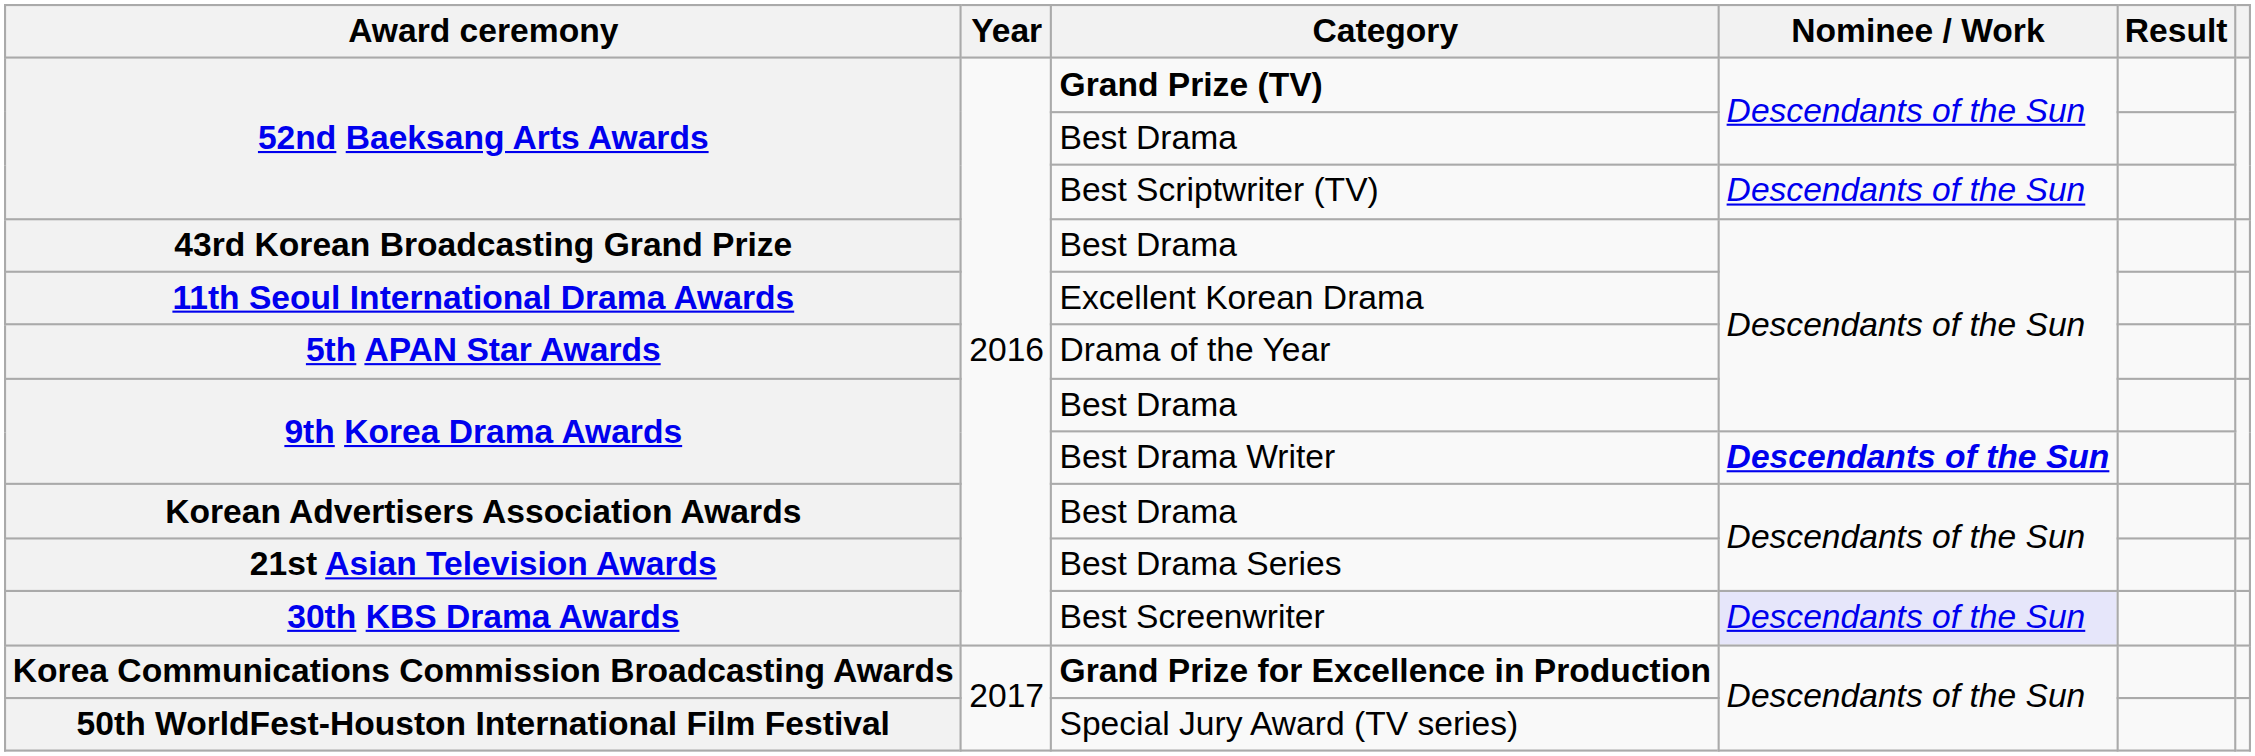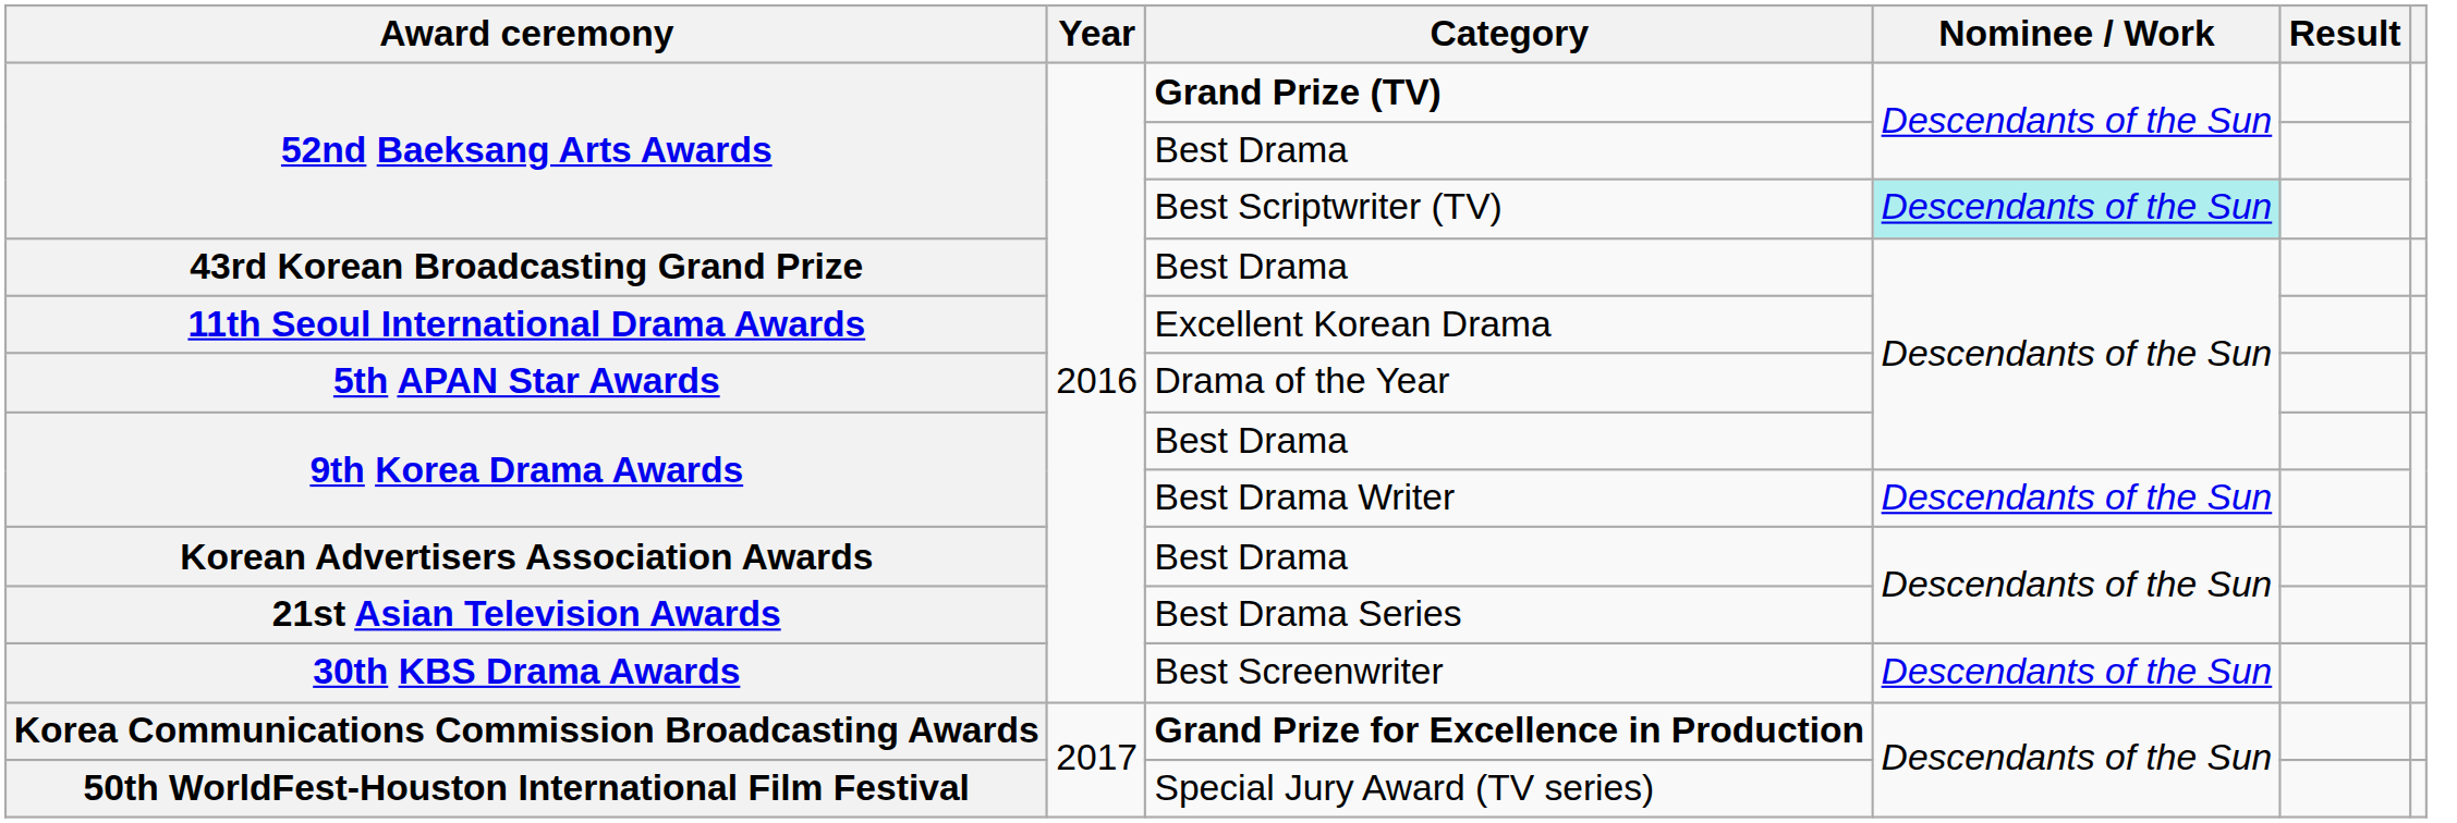 <table class="wikitable plainrowheaders sortable">
 <tr>
 <th scope="col">Award ceremony</th>
 <th scope="col">Year</th>
 <th scope="col">Category</th>
 <th scope="col">Nominee / Work</th>
 <th scope="col">Result</th>
 <th scope="col" class="unsortable"></th>
 </tr>
 <tr>
 <th scope="row" rowspan="3"><a href='#'>52nd</a> <a href='#'>Baeksang Arts Awards</a></th>
 <td rowspan="11">2016</td>
 <td><strong>Grand Prize (TV)</strong></td>
 <td rowspan="2"><em><a href='#'>Descendants of the Sun</a></em></td>
 <td></td>
 <td rowspan="3"></td>
 </tr>
 <tr>
 <td>Best Drama</td>
 <td></td>
 </tr>
 <tr>
 <td>Best Scriptwriter (TV)</td>
-<td><em><a href='#'>Descendants of the Sun</a></em></td>
+<td style="background: paleturquoise;"><em><a href='#'>Descendants of the Sun</a></em></td>
 <td></td>
 </tr>
 <tr>
 <th scope="row">43rd Korean Broadcasting Grand Prize</th>
 <td>Best Drama</td>
 <td rowspan="4"><em>Descendants of the Sun</em></td>
 <td></td>
 <td></td>
 </tr>
 <tr>
 <th scope="row"><a href='#'>11th Seoul International Drama Awards</a></th>
 <td>Excellent Korean Drama</td>
 <td></td>
 <td></td>
 </tr>
 <tr>
 <th scope="row"><a href='#'>5th</a> <a href='#'>APAN Star Awards</a></th>
 <td>Drama of the Year</td>
 <td></td>
 <td></td>
 </tr>
 <tr>
 <th scope="row" rowspan="2"><a href='#'>9th</a> <a href='#'>Korea Drama Awards</a></th>
 <td>Best Drama</td>
 <td></td>
 <td rowspan="2"></td>
 </tr>
 <tr>
 <td>Best Drama Writer</td>
-<td><strong><em><a href='#'>Descendants of the Sun</a></em></strong></td>
+<td><em><a href='#'>Descendants of the Sun</a></em></td>
 <td></td>
 </tr>
 <tr>
 <th scope="row">Korean Advertisers Association Awards</th>
 <td>Best Drama</td>
 <td rowspan="2"><em>Descendants of the Sun</em></td>
 <td></td>
 <td></td>
 </tr>
 <tr>
 <th scope="row">21st <a href='#'>Asian Television Awards</a></th>
 <td>Best Drama Series</td>
 <td></td>
 <td></td>
 </tr>
 <tr>
 <th scope="row"><a href='#'>30th</a> <a href='#'>KBS Drama Awards</a></th>
 <td>Best Screenwriter</td>
-<td style="background: lavender;"><em><a href='#'>Descendants of the Sun</a></em></td>
+<td><em><a href='#'>Descendants of the Sun</a></em></td>
 <td></td>
 <td></td>
 </tr>
 <tr>
 <th scope="row">Korea Communications Commission Broadcasting Awards</th>
 <td rowspan="2">2017</td>
 <td><strong>Grand Prize for Excellence in Production</strong></td>
 <td rowspan="2"><em>Descendants of the Sun</em></td>
 <td></td>
 <td></td>
 </tr>
 <tr>
 <th scope="row">50th WorldFest-Houston International Film Festival</th>
 <td>Special Jury Award (TV series)</td>
 <td></td>
 <td></td>
 </tr>
 </table>
